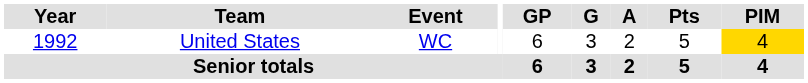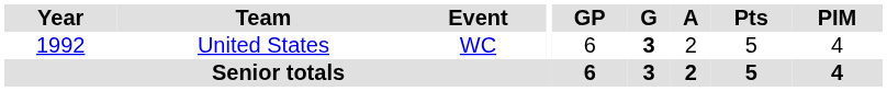 <table border="0" cellpadding="1" cellspacing="0" ID="Table3" style="text-align:center; width:40em">
 <tr bgcolor="#e0e0e0">
 <th>Year</th>
 <th>Team</th>
 <th>Event</th>
 <th rowspan="102" bgcolor="#ffffff"></th>
 <th>GP</th>
 <th>G</th>
 <th>A</th>
 <th>Pts</th>
 <th>PIM</th>
 </tr>
 <tr>
 <td><a href='#'>1992</a></td>
 <td><a href='#'>United States</a></td>
 <td><a href='#'>WC</a></td>
 <td>6</td>
-<td>3</td>
+<td><strong>3</strong></td>
 <td>2</td>
 <td>5</td>
-<td style="background: gold;">4</td>
+<td>4</td>
 </tr>
 <tr bgcolor="#e0e0e0">
 <th colspan="4">Senior totals</th>
 <th>6</th>
 <th>3</th>
 <th>2</th>
 <th>5</th>
 <th>4</th>
 </tr>
 </table>
